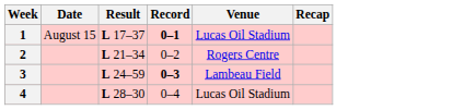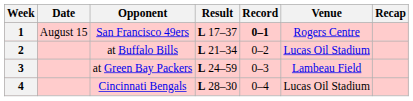 <table class="wikitable" style="text-align:center">
 <tr>
 <th>Week</th>
 <th>Date</th>
+<th>Opponent</th>
 <th>Result</th>
 <th>Record</th>
 <th>Venue</th>
 <th>Recap</th>
 </tr>
 <tr style="background:#fcc">
 <th>1</th>
 <td>August 15</td>
+<td><a href='#'>San Francisco 49ers</a></td>
 <td><strong>L</strong> 17–37</td>
 <td><strong>0–1</strong></td>
-<td><a href='#'>Lucas Oil Stadium</a></td>
+<td> <a href='#'>Rogers Centre</a> </td>
 <td></td>
 </tr>
 <tr style="background:#fcc">
 <th>2</th>
 <td></td>
+<td>at <a href='#'>Buffalo Bills</a></td>
 <td><strong>L</strong> 21–34</td>
 <td>0–2</td>
-<td> <a href='#'>Rogers Centre</a> </td>
+<td><a href='#'>Lucas Oil Stadium</a></td>
 <td></td>
 </tr>
 <tr style="background:#fcc">
 <th>3</th>
 <td></td>
+<td>at <a href='#'>Green Bay Packers</a></td>
 <td><strong>L</strong> 24–59</td>
-<td><strong>0–3</strong></td>
+<td>0–3</td>
 <td><a href='#'>Lambeau Field</a></td>
 <td></td>
 </tr>
 <tr style="background:#fcc">
 <th>4</th>
 <td></td>
+<td><a href='#'>Cincinnati Bengals</a></td>
 <td><strong>L</strong> 28–30</td>
 <td>0–4</td>
 <td>Lucas Oil Stadium</td>
 <td></td>
 </tr>
 </table>
